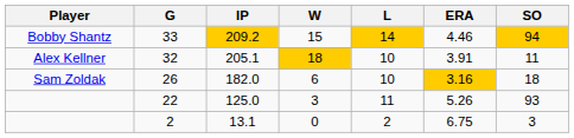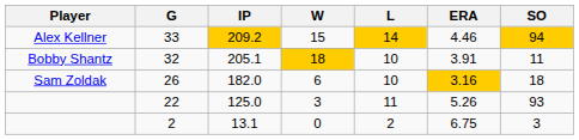 <table class="wikitable sortable">
 <tr>
 <th bgcolor="#DDDDFF" width="16%">Player</th>
 <th bgcolor="#DDDDFF" width="9%">G</th>
 <th bgcolor="#DDDDFF" width="9%">IP</th>
 <th bgcolor="#DDDDFF" width="9%">W</th>
 <th bgcolor="#DDDDFF" width="9%">L</th>
 <th bgcolor="#DDDDFF" width="9%">ERA</th>
 <th bgcolor="#DDDDFF" width="9%">SO</th>
 </tr>
 <tr align="center">
-<td><a href='#'>Bobby Shantz</a></td>
+<td><a href='#'>Alex Kellner</a></td>
 <td>33</td>
 <td style="background:#fc0;">209.2</td>
 <td>15</td>
 <td style="background:#fc0;">14</td>
 <td>4.46</td>
 <td style="background:#fc0;">94</td>
 </tr>
 <tr align="center">
-<td><a href='#'>Alex Kellner</a></td>
+<td><a href='#'>Bobby Shantz</a></td>
 <td>32</td>
 <td>205.1</td>
 <td style="background:#fc0;">18</td>
 <td>10</td>
 <td>3.91</td>
 <td>11</td>
 </tr>
 <tr align="center">
 <td><a href='#'>Sam Zoldak</a></td>
 <td>26</td>
 <td>182.0</td>
 <td>6</td>
 <td>10</td>
 <td style="background:#fc0;">3.16</td>
 <td>18</td>
 </tr>
 <tr align="center">
 <td></td>
 <td>22</td>
 <td>125.0</td>
 <td>3</td>
 <td>11</td>
 <td>5.26</td>
 <td>93</td>
 </tr>
 <tr align="center">
 <td></td>
 <td>2</td>
 <td>13.1</td>
 <td>0</td>
 <td>2</td>
 <td>6.75</td>
 <td>3</td>
 </tr>
 </table>
